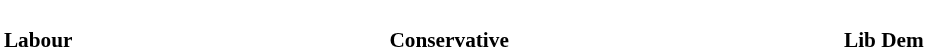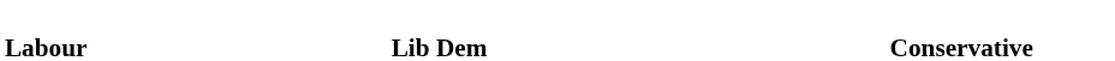 <table style="width:100%; text-align:center;">
 <tr style="color:white;">
 <td style="background-color: "><strong>24</strong></td>
+<td style="background-color: "><strong>5</strong></td>
 <td style="background-color: "><strong>12</strong></td>
-<td style="background-color: "><strong>5</strong></td>
 </tr>
 <tr>
 <td><span><strong>Labour</strong></span></td>
+<td><span><strong>Lib Dem</strong></span></td>
 <td><span><strong>Conservative</strong></span></td>
-<td><span><strong>Lib Dem</strong></span></td>
 </tr>
 </table>
